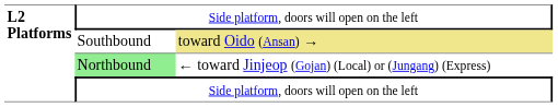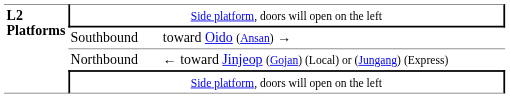 <table table border=0 cellspacing=0 cellpadding=3>
 <tr>
 <td style="border-top:solid 1px gray;border-bottom:solid 1px gray;" width=50 rowspan=10 valign=top><strong>L2<br>Platforms</strong></td>
 <td style="border-top:solid 1px gray;border-right:solid 2px black;border-left:solid 2px black;border-bottom:solid 2px black;text-align:center;" colspan=2><small><a href='#'>Side platform</a>, doors will open on the left</small></td>
 </tr>
 <tr>
 <td>Southbound</td>
-<td style="background: khaki;">  toward <a href='#'>Oido</a> <small>(<a href='#'>Ansan</a>)</small> →</td>
+<td>  toward <a href='#'>Oido</a> <small>(<a href='#'>Ansan</a>)</small> →</td>
 </tr>
 <tr>
-<td style="background: lightgreen; border-bottom:solid 0px gray;border-top:solid 1px gray;" width=100>Northbound</td>
+<td style="border-bottom:solid 0px gray;border-top:solid 1px gray;" width=100>Northbound</td>
 <td style="border-bottom:solid 0px gray;border-top:solid 1px gray;" width=390>←  toward <a href='#'>Jinjeop</a> <small>(<a href='#'>Gojan</a>) (Local) or (<a href='#'>Jungang</a>) (Express) </small></td>
 </tr>
 <tr>
 <td style="border-top:solid 2px black;border-right:solid 2px black;border-left:solid 2px black;border-bottom:solid 1px gray;text-align:center;" colspan=2><small><a href='#'>Side platform</a>, doors will open on the left</small></td>
 </tr>
 </table>
